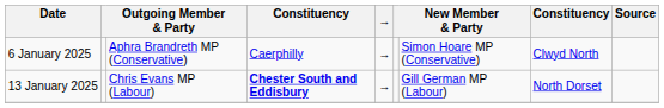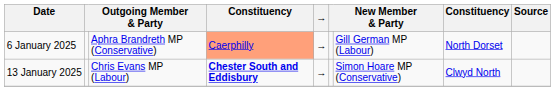 <table class="wikitable">
 <tr>
 <th valign="top">Date</th>
 <th colspan="2" valign="top">Outgoing Member<br>& Party</th>
 <th valign="top">Constituency</th>
 <th>→</th>
 <th colspan="2" valign="top">New Member<br>& Party</th>
 <th valign="top">Constituency</th>
 <th valign="top">Source</th>
 </tr>
 <tr>
 <td nowrap>6 January 2025</td>
 <td style="color:inherit;background:"></td>
 <td><a href='#'>Aphra Brandreth</a> MP (<a href='#'>Conservative</a>)</td>
-<td><a href='#'>Caerphilly</a></td>
+<td style="background: lightsalmon;"><a href='#'>Caerphilly</a></td>
 <td>→</td>
 <td style="color:inherit;background:"></td>
-<td><a href='#'>Simon Hoare</a> MP (<a href='#'>Conservative</a>)</td>
-<td><a href='#'>Clwyd North</a></td>
+<td><a href='#'>Gill German</a> MP (<a href='#'>Labour</a>)</td>
+<td><a href='#'>North Dorset</a></td>
 <td></td>
 </tr>
 <tr>
 <td nowrap>13 January 2025</td>
 <td style="color:inherit;background:"></td>
 <td><a href='#'>Chris Evans</a> MP (<a href='#'>Labour</a>)</td>
 <td><strong><a href='#'>Chester South and Eddisbury</a></strong></td>
 <td>→</td>
 <td style="color:inherit;background:"></td>
-<td><a href='#'>Gill German</a> MP (<a href='#'>Labour</a>)</td>
-<td><a href='#'>North Dorset</a></td>
+<td><a href='#'>Simon Hoare</a> MP (<a href='#'>Conservative</a>)</td>
+<td><a href='#'>Clwyd North</a></td>
 <td></td>
 </tr>
 <tr>
 </tr>
 </table>
